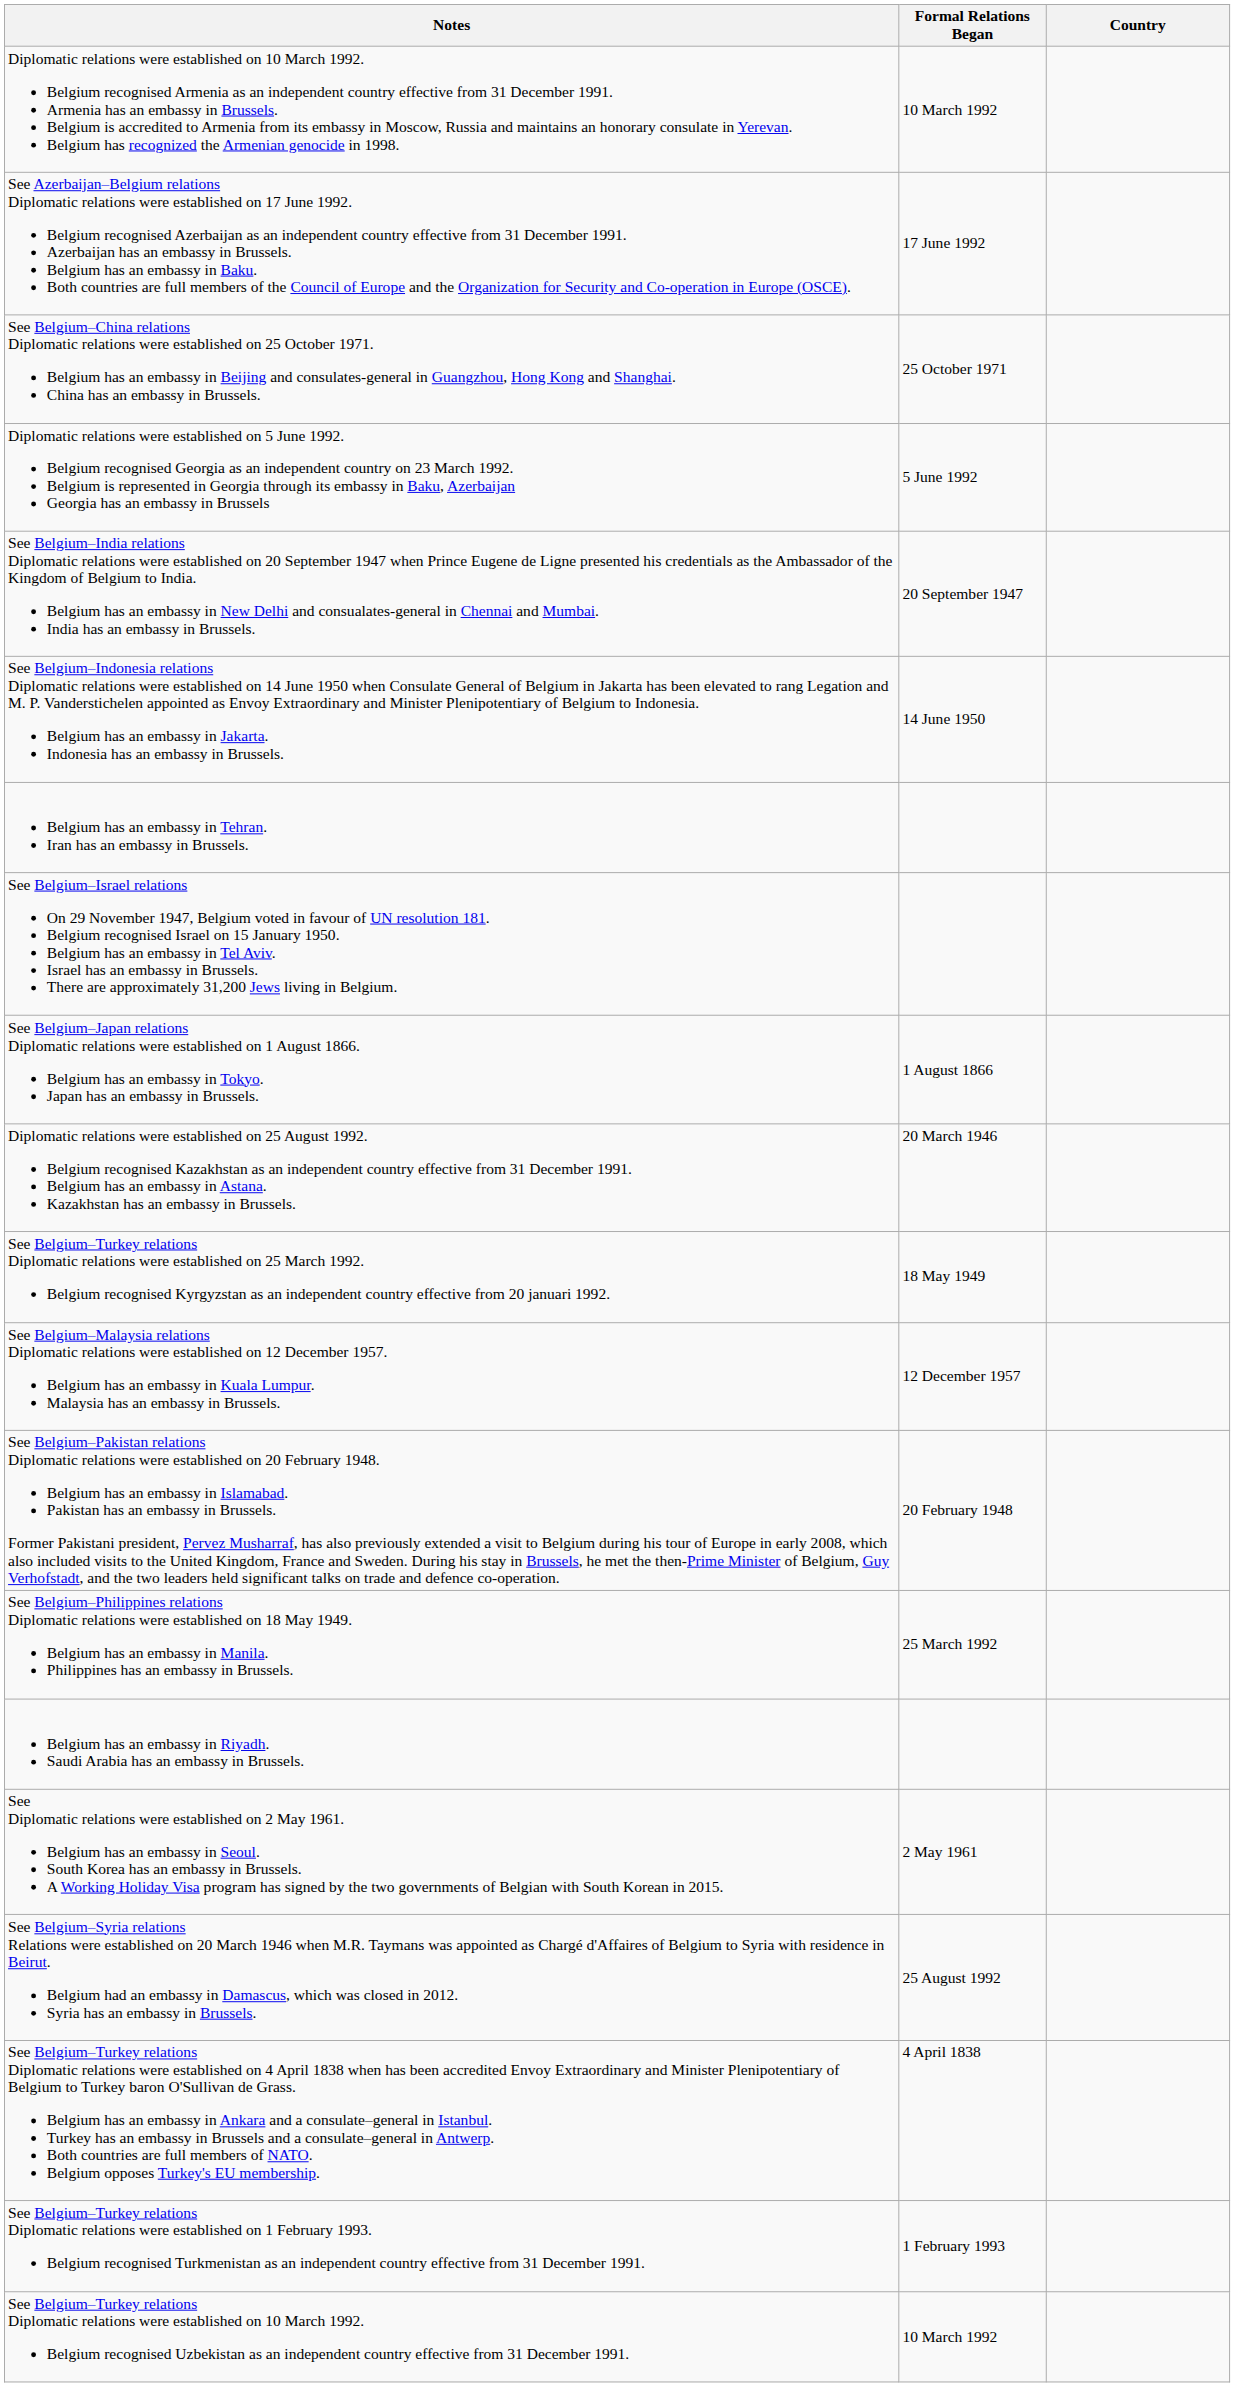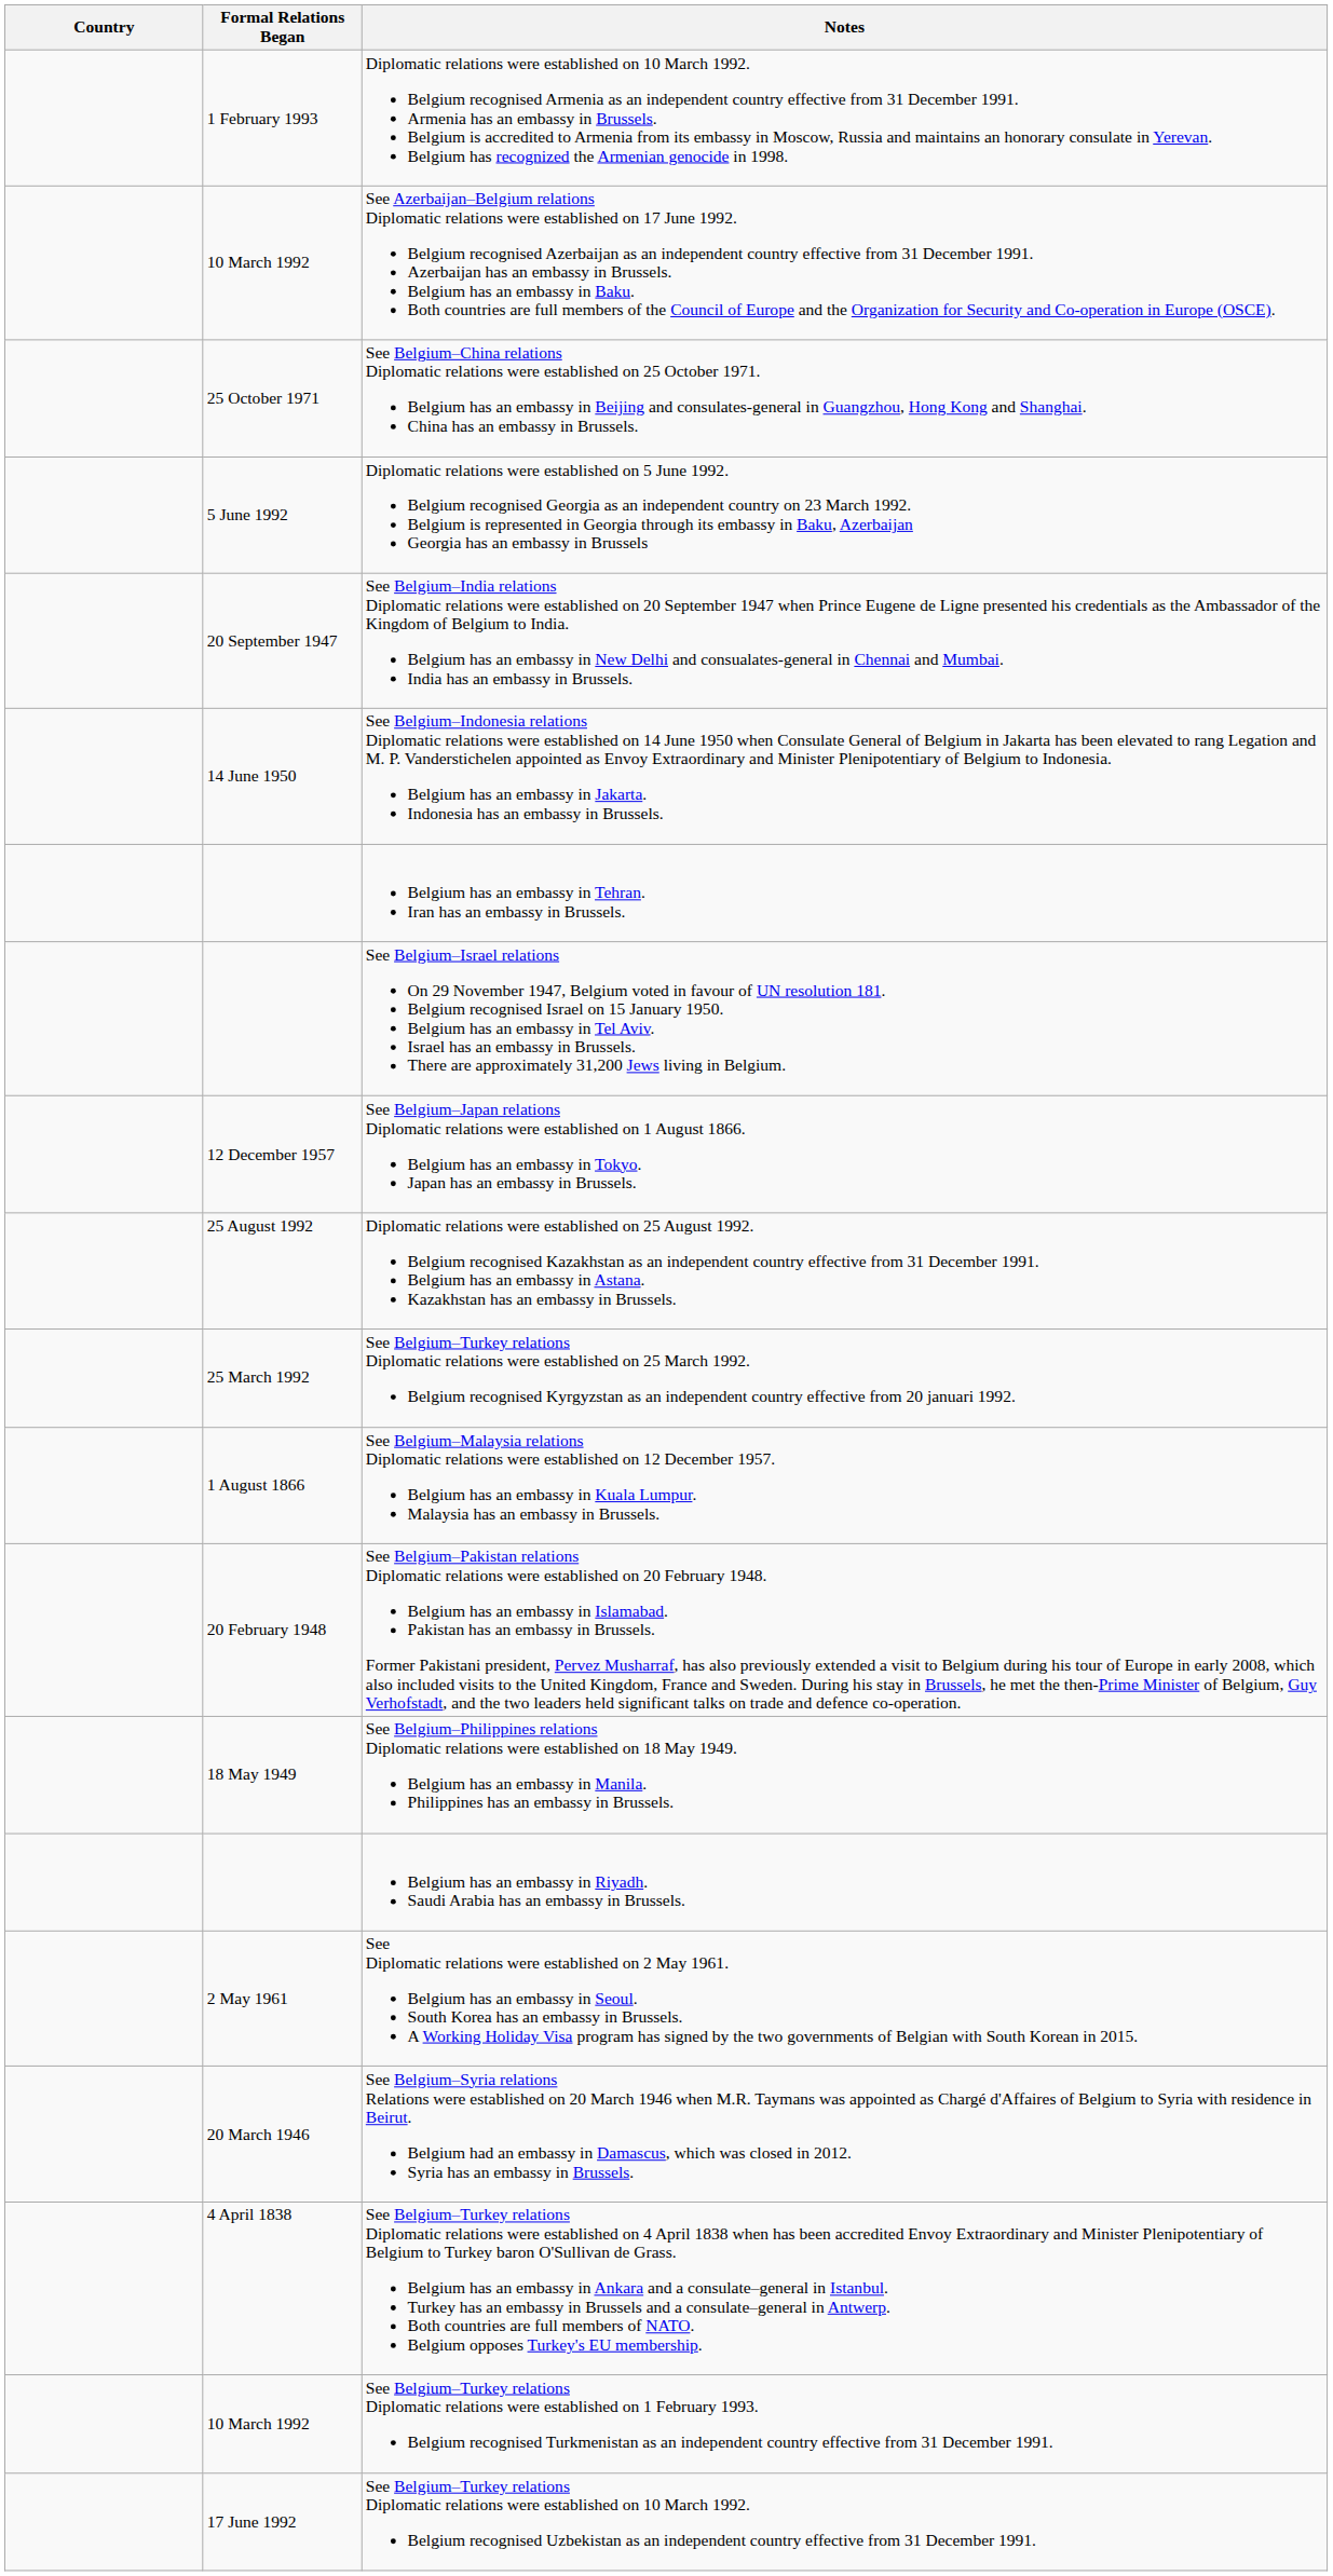 <table class="wikitable sortable" border="1" style="width:100%; margin:auto;">
 <tr>
+<th width="15%">Country</th>
+<th width="12%">Formal Relations Began</th>
 <th>Notes</th>
-<th width="12%">Formal Relations Began</th>
-<th width="15%">Country</th>
 </tr>
 <tr -valign="top">
+<td></td>
+<td>1 February 1993</td>
 <td>Diplomatic relations were established on 10 March 1992.<br><ul><li>Belgium recognised Armenia as an independent country effective from 31 December 1991.</li><li>Armenia has an embassy in <a href='#'>Brussels</a>.</li><li>Belgium is accredited to Armenia from its embassy in Moscow, Russia and maintains an honorary consulate in <a href='#'>Yerevan</a>.</li><li>Belgium has <a href='#'>recognized</a> the <a href='#'>Armenian genocide</a> in 1998.</li></ul></td>
-<td>10 March 1992</td>
-<td></td>
 </tr>
 <tr -valign="top">
+<td></td>
+<td>10 March 1992</td>
 <td>See <a href='#'>Azerbaijan–Belgium relations</a><br>Diplomatic relations were established on 17 June 1992.<ul><li>Belgium recognised Azerbaijan as an independent country effective from 31 December 1991.</li><li>Azerbaijan has an embassy in Brussels.</li><li>Belgium has an embassy in <a href='#'>Baku</a>.</li><li>Both countries are full members of the <a href='#'>Council of Europe</a> and the <a href='#'>Organization for Security and Co-operation in Europe (OSCE)</a>.</li></ul></td>
-<td>17 June 1992</td>
-<td></td>
 </tr>
 <tr -valign="top">
+<td></td>
+<td>25 October 1971</td>
 <td>See <a href='#'>Belgium–China relations</a><br>Diplomatic relations were established on 25 October 1971.<ul><li>Belgium has an embassy in <a href='#'>Beijing</a> and consulates-general in <a href='#'>Guangzhou</a>, <a href='#'>Hong Kong</a> and <a href='#'>Shanghai</a>.</li><li>China has an embassy in Brussels.</li></ul></td>
-<td>25 October 1971</td>
-<td></td>
 </tr>
 <tr -valign="top">
+<td></td>
+<td>5 June 1992</td>
 <td>Diplomatic relations were established on 5 June 1992.<br><ul><li>Belgium recognised Georgia as an independent country on 23 March 1992.</li><li>Belgium is represented in Georgia through its embassy in <a href='#'>Baku</a>, <a href='#'>Azerbaijan</a></li><li>Georgia has an embassy in Brussels</li></ul></td>
-<td>5 June 1992</td>
-<td></td>
 </tr>
 <tr -valign="top">
+<td></td>
+<td>20 September 1947</td>
 <td>See <a href='#'>Belgium–India relations</a><br>Diplomatic relations were established on 20 September 1947 when Prince Eugene de Ligne presented his credentials as the Ambassador of the Kingdom of Belgium to India.<ul><li>Belgium has an embassy in <a href='#'>New Delhi</a> and consualates-general in <a href='#'>Chennai</a> and <a href='#'>Mumbai</a>.</li><li>India has an embassy in Brussels.</li></ul></td>
-<td>20 September 1947</td>
-<td></td>
 </tr>
 <tr -valign="top">
+<td></td>
+<td>14 June 1950</td>
 <td>See <a href='#'>Belgium–Indonesia relations</a><br>Diplomatic relations were established on 14 June 1950 when Consulate General of Belgium in Jakarta has been elevated to rang Legation and M. P. Vanderstichelen appointed as Envoy Extraordinary and Minister Plenipotentiary of Belgium to Indonesia.<ul><li>Belgium has an embassy in <a href='#'>Jakarta</a>.</li><li>Indonesia has an embassy in Brussels.</li></ul></td>
-<td>14 June 1950</td>
-<td></td>
 </tr>
 <tr valign="top">
-<td><br><ul><li>Belgium has an embassy in <a href='#'>Tehran</a>.</li><li>Iran has an embassy in Brussels.</li></ul></td>
 <td></td>
 <td></td>
+<td><br><ul><li>Belgium has an embassy in <a href='#'>Tehran</a>.</li><li>Iran has an embassy in Brussels.</li></ul></td>
 </tr>
 <tr -valign="top">
-<td>See <a href='#'>Belgium–Israel relations</a><br><ul><li>On 29 November 1947, Belgium voted in favour of <a href='#'>UN resolution 181</a>.</li><li>Belgium recognised Israel on 15 January 1950.</li><li>Belgium has an embassy in <a href='#'>Tel Aviv</a>.</li><li>Israel has an embassy in Brussels.</li><li>There are approximately 31,200 <a href='#'>Jews</a> living in Belgium.</li></ul></td>
 <td></td>
 <td></td>
+<td>See <a href='#'>Belgium–Israel relations</a><br><ul><li>On 29 November 1947, Belgium voted in favour of <a href='#'>UN resolution 181</a>.</li><li>Belgium recognised Israel on 15 January 1950.</li><li>Belgium has an embassy in <a href='#'>Tel Aviv</a>.</li><li>Israel has an embassy in Brussels.</li><li>There are approximately 31,200 <a href='#'>Jews</a> living in Belgium.</li></ul></td>
 </tr>
 <tr -valign="top">
+<td></td>
+<td>12 December 1957</td>
 <td>See <a href='#'>Belgium–Japan relations</a><br>Diplomatic relations were established on 1 August 1866.<ul><li>Belgium has an embassy in <a href='#'>Tokyo</a>.</li><li>Japan has an embassy in Brussels.</li></ul></td>
-<td>1 August 1866</td>
-<td></td>
 </tr>
 <tr - valign="top">
+<td></td>
+<td>25 August 1992</td>
 <td>Diplomatic relations were established on 25 August 1992.<br><ul><li>Belgium recognised Kazakhstan as an independent country effective from 31 December 1991.</li><li>Belgium has an embassy in <a href='#'>Astana</a>.</li><li>Kazakhstan has an embassy in Brussels.</li></ul></td>
-<td>20 March 1946</td>
-<td></td>
 </tr>
 <tr -valign="top">
+<td></td>
+<td>25 March 1992</td>
 <td>See <a href='#'>Belgium–Turkey relations</a><br>Diplomatic relations were established on 25 March 1992.<ul><li>Belgium recognised Kyrgyzstan as an independent country effective from 20 januari 1992.</li></ul></td>
-<td>18 May 1949</td>
-<td></td>
 </tr>
 <tr -valign="top">
+<td></td>
+<td>1 August 1866</td>
 <td>See <a href='#'>Belgium–Malaysia relations</a><br>Diplomatic relations were established on 12 December 1957.<ul><li>Belgium has an embassy in <a href='#'>Kuala Lumpur</a>.</li><li>Malaysia has an embassy in Brussels.</li></ul></td>
-<td>12 December 1957</td>
-<td></td>
 </tr>
 <tr -valign="top">
+<td></td>
+<td>20 February 1948</td>
 <td>See <a href='#'>Belgium–Pakistan relations</a><br>Diplomatic relations were established on 20 February 1948.<ul><li>Belgium has an embassy in <a href='#'>Islamabad</a>.</li><li>Pakistan has an embassy in Brussels.</li></ul>Former Pakistani president, <a href='#'>Pervez Musharraf</a>, has also previously extended a visit to Belgium during his tour of Europe in early 2008, which also included visits to the United Kingdom, France and Sweden. During his stay in <a href='#'>Brussels</a>, he met the then-<a href='#'>Prime Minister</a> of Belgium, <a href='#'>Guy Verhofstadt</a>, and the two leaders held significant talks on trade and defence co-operation. </td>
-<td>20 February 1948</td>
-<td></td>
 </tr>
 <tr -valign="top">
+<td></td>
+<td>18 May 1949</td>
 <td>See <a href='#'>Belgium–Philippines relations</a><br>Diplomatic relations were established on 18 May 1949.<ul><li>Belgium has an embassy in <a href='#'>Manila</a>.</li><li>Philippines has an embassy in Brussels.</li></ul></td>
-<td>25 March 1992</td>
-<td></td>
 </tr>
 <tr valign="top">
-<td><br><ul><li>Belgium has an embassy in <a href='#'>Riyadh</a>.</li><li>Saudi Arabia has an embassy in Brussels.</li></ul></td>
 <td></td>
 <td></td>
+<td><br><ul><li>Belgium has an embassy in <a href='#'>Riyadh</a>.</li><li>Saudi Arabia has an embassy in Brussels.</li></ul></td>
 </tr>
 <tr -valign="top">
+<td></td>
+<td>2 May 1961</td>
 <td>See <br>Diplomatic relations were established on 2 May 1961.<ul><li>Belgium has an embassy in <a href='#'>Seoul</a>.</li><li>South Korea has an embassy in Brussels.</li><li>A <a href='#'>Working Holiday Visa</a> program has signed by the two governments of Belgian with South Korean in 2015.</li></ul></td>
-<td>2 May 1961</td>
-<td></td>
 </tr>
 <tr -valign="top">
+<td></td>
+<td>20 March 1946</td>
 <td>See <a href='#'>Belgium–Syria relations</a><br>Relations were established on 20 March 1946 when M.R. Taymans was appointed as Chargé d'Affaires of Belgium to Syria with residence in <a href='#'>Beirut</a>.<ul><li>Belgium had an embassy in <a href='#'>Damascus</a>, which was closed in 2012.</li><li>Syria has an embassy in <a href='#'>Brussels</a>.</li></ul></td>
-<td>25 August 1992</td>
-<td></td>
 </tr>
 <tr valign="top">
+<td></td>
+<td>4 April 1838</td>
 <td>See <a href='#'>Belgium–Turkey relations</a><br>Diplomatic relations were established on 4 April 1838 when has been accredited Envoy Extraordinary and Minister Plenipotentiary of Belgium to Turkey baron O'Sullivan de Grass.<ul><li>Belgium has an embassy in <a href='#'>Ankara</a> and a consulate–general in <a href='#'>Istanbul</a>.</li><li>Turkey has an embassy in Brussels and a consulate–general in <a href='#'>Antwerp</a>.</li><li>Both countries are full members of <a href='#'>NATO</a>.</li><li>Belgium opposes <a href='#'>Turkey's EU membership</a>.</li></ul></td>
-<td>4 April 1838</td>
-<td></td>
 </tr>
 <tr -valign="top">
+<td></td>
+<td>10 March 1992</td>
 <td>See <a href='#'>Belgium–Turkey relations</a><br>Diplomatic relations were established on 1 February 1993.<ul><li>Belgium recognised Turkmenistan as an independent country effective from 31 December 1991.</li></ul></td>
-<td>1 February 1993</td>
-<td></td>
 </tr>
 <tr -valign="top">
+<td></td>
+<td>17 June 1992</td>
 <td>See <a href='#'>Belgium–Turkey relations</a><br>Diplomatic relations were established on 10 March 1992.<ul><li>Belgium recognised Uzbekistan as an independent country effective from 31 December 1991.</li></ul></td>
-<td>10 March 1992</td>
-<td></td>
 </tr>
 </table>
